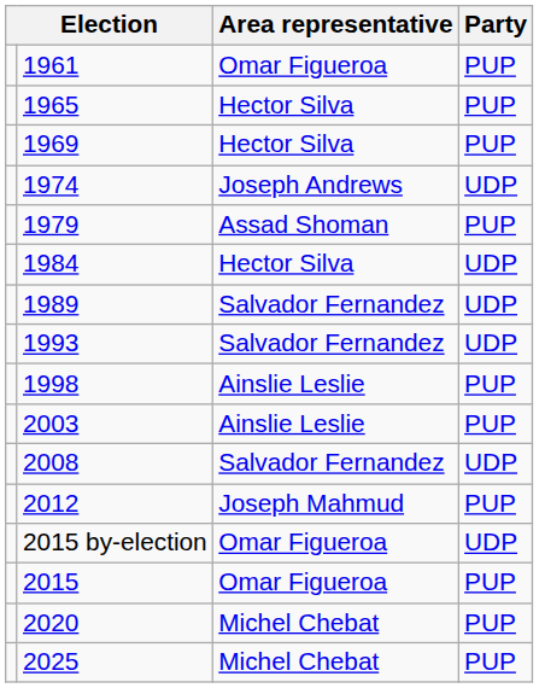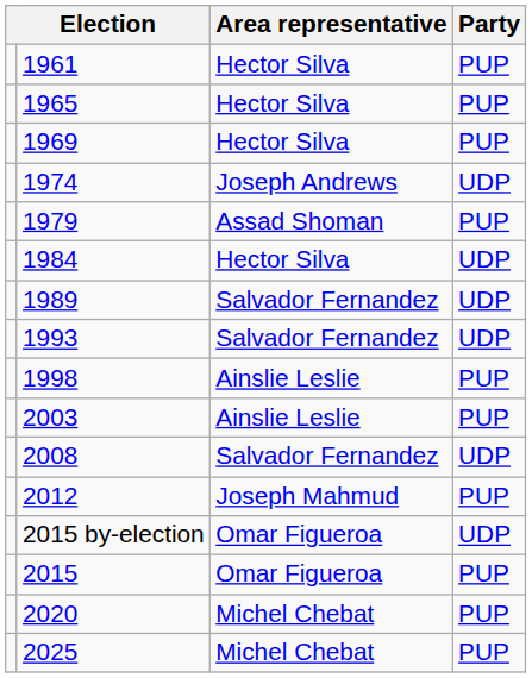 <table class="wikitable">
 <tr>
 <th colspan="2">Election</th>
 <th>Area representative</th>
 <th>Party</th>
 </tr>
 <tr>
 <td style="background-color: "></td>
 <td><a href='#'>1961</a></td>
-<td><a href='#'>Omar Figueroa</a></td>
+<td><a href='#'>Hector Silva</a></td>
 <td><a href='#'>PUP</a></td>
 </tr>
 <tr>
 <td style="background-color: "></td>
 <td><a href='#'>1965</a></td>
 <td><a href='#'>Hector Silva</a></td>
 <td><a href='#'>PUP</a></td>
 </tr>
 <tr>
 <td style="background-color: "></td>
 <td><a href='#'>1969</a></td>
 <td><a href='#'>Hector Silva</a></td>
 <td><a href='#'>PUP</a></td>
 </tr>
 <tr>
 <td style="background-color: "></td>
 <td><a href='#'>1974</a></td>
 <td><a href='#'>Joseph Andrews</a></td>
 <td><a href='#'>UDP</a></td>
 </tr>
 <tr>
 <td style="background-color: "></td>
 <td><a href='#'>1979</a></td>
 <td><a href='#'>Assad Shoman</a></td>
 <td><a href='#'>PUP</a></td>
 </tr>
 <tr>
 <td style="background-color: "></td>
 <td><a href='#'>1984</a></td>
 <td><a href='#'>Hector Silva</a></td>
 <td><a href='#'>UDP</a></td>
 </tr>
 <tr>
 <td style="background-color: "></td>
 <td><a href='#'>1989</a></td>
 <td><a href='#'>Salvador Fernandez</a></td>
 <td><a href='#'>UDP</a></td>
 </tr>
 <tr>
 <td style="background-color: "></td>
 <td><a href='#'>1993</a></td>
 <td><a href='#'>Salvador Fernandez</a></td>
 <td><a href='#'>UDP</a></td>
 </tr>
 <tr>
 <td style="background-color: "></td>
 <td><a href='#'>1998</a></td>
 <td><a href='#'>Ainslie Leslie</a></td>
 <td><a href='#'>PUP</a></td>
 </tr>
 <tr>
 <td style="background-color: "></td>
 <td><a href='#'>2003</a></td>
 <td><a href='#'>Ainslie Leslie</a></td>
 <td><a href='#'>PUP</a></td>
 </tr>
 <tr>
 <td style="background-color: "></td>
 <td><a href='#'>2008</a></td>
 <td><a href='#'>Salvador Fernandez</a></td>
 <td><a href='#'>UDP</a></td>
 </tr>
 <tr>
 <td style="background-color: "></td>
 <td><a href='#'>2012</a></td>
 <td><a href='#'>Joseph Mahmud</a></td>
 <td><a href='#'>PUP</a></td>
 </tr>
 <tr>
 <td style="background-color: "></td>
 <td>2015 by-election</td>
 <td><a href='#'>Omar Figueroa</a></td>
 <td><a href='#'>UDP</a></td>
 </tr>
 <tr>
 <td style="background-color: "></td>
 <td><a href='#'>2015</a></td>
 <td><a href='#'>Omar Figueroa</a></td>
 <td><a href='#'>PUP</a></td>
 </tr>
 <tr>
 <td style="background-color: "></td>
 <td><a href='#'>2020</a></td>
 <td><a href='#'>Michel Chebat</a></td>
 <td><a href='#'>PUP</a></td>
 </tr>
 <tr>
 <td style="background-color: "></td>
 <td><a href='#'>2025</a></td>
 <td><a href='#'>Michel Chebat</a></td>
 <td><a href='#'>PUP</a></td>
 </tr>
 </table>
